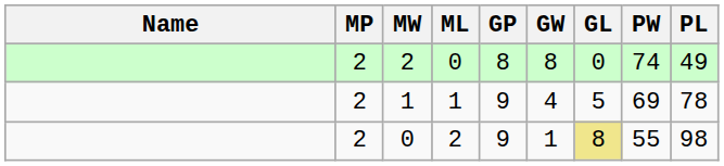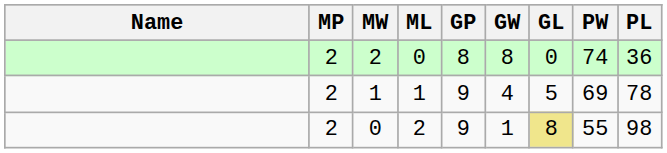 <table class=wikitable style="text-align:center">
 <tr>
 <th width=175>Name</th>
 <th width=20>MP</th>
 <th width=20>MW</th>
 <th width=20>ML</th>
 <th width=20>GP</th>
 <th width=20>GW</th>
 <th width=20>GL</th>
 <th width=20>PW</th>
 <th width=20>PL</th>
 </tr>
 <tr style="background-color:#ccffcc;">
 <td style="text-align:left;"><strong></strong></td>
 <td>2</td>
 <td>2</td>
 <td>0</td>
 <td>8</td>
 <td>8</td>
 <td>0</td>
 <td>74</td>
-<td>49</td>
+<td>36</td>
 </tr>
 <tr>
 <td style="text-align:left;"></td>
 <td>2</td>
 <td>1</td>
 <td>1</td>
 <td>9</td>
 <td>4</td>
 <td>5</td>
 <td>69</td>
 <td>78</td>
 </tr>
 <tr>
 <td style="text-align:left;"></td>
 <td>2</td>
 <td>0</td>
 <td>2</td>
 <td>9</td>
 <td>1</td>
 <td style="background: khaki;">8</td>
 <td>55</td>
 <td>98</td>
 </tr>
 </table>
